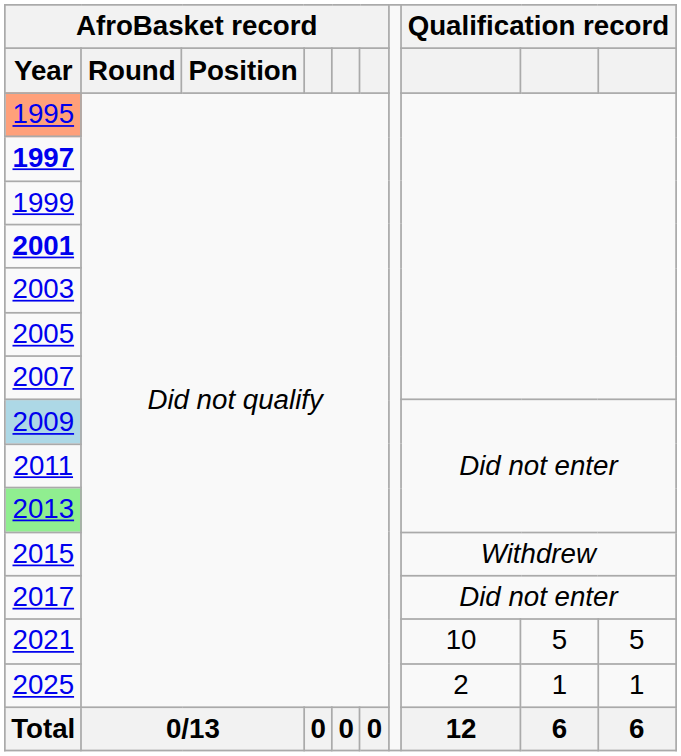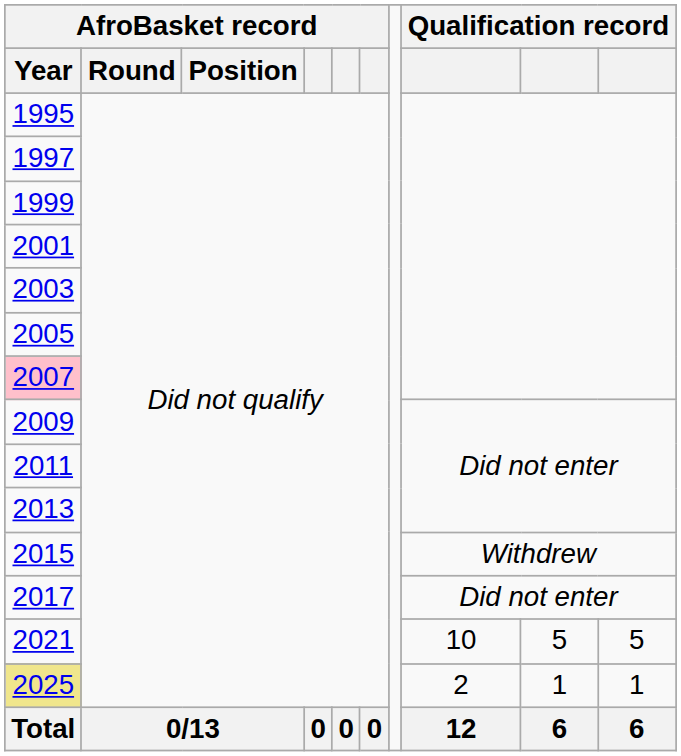 <table class="wikitable" style="text-align:center;">
 <tr>
 <th colspan="6">AfroBasket record</th>
 <td rowspan="17"></td>
 <th colspan="4">Qualification record</th>
 </tr>
 <tr>
 <th>Year</th>
 <th>Round</th>
 <th>Position</th>
 <th></th>
 <th></th>
 <th></th>
 <th></th>
 <th></th>
 <th></th>
 </tr>
 <tr>
-<td style="background: lightsalmon;"> <a href='#'>1995</a></td>
+<td> <a href='#'>1995</a></td>
 <td colspan="5" rowspan="14"><em>Did not qualify</em></td>
 <td colspan="3" rowspan="7"></td>
 </tr>
 <tr>
-<td><strong> <a href='#'>1997</a></strong></td>
+<td> <a href='#'>1997</a></td>
 </tr>
 <tr>
 <td> <a href='#'>1999</a></td>
 </tr>
 <tr>
-<td><strong> <a href='#'>2001</a></strong></td>
+<td> <a href='#'>2001</a></td>
 </tr>
 <tr>
 <td> <a href='#'>2003</a></td>
 </tr>
 <tr>
 <td> <a href='#'>2005</a></td>
 </tr>
 <tr>
-<td> <a href='#'>2007</a></td>
+<td style="background: pink;"> <a href='#'>2007</a></td>
 </tr>
 <tr>
-<td style="background: lightblue;"> <a href='#'>2009</a></td>
+<td> <a href='#'>2009</a></td>
 <td colspan="3" rowspan="3"><em>Did not enter</em></td>
 </tr>
 <tr>
 <td> <a href='#'>2011</a></td>
 </tr>
 <tr>
-<td style="background: lightgreen;"> <a href='#'>2013</a></td>
+<td> <a href='#'>2013</a></td>
 </tr>
 <tr>
 <td> <a href='#'>2015</a></td>
 <td colspan="3"><em>Withdrew</em></td>
 </tr>
 <tr>
 <td>  <a href='#'>2017</a></td>
 <td colspan="3"><em>Did not enter</em></td>
 </tr>
 <tr>
 <td> <a href='#'>2021</a></td>
 <td>10</td>
 <td>5</td>
 <td>5</td>
 </tr>
 <tr>
-<td> <a href='#'>2025</a></td>
+<td style="background: khaki;"> <a href='#'>2025</a></td>
 <td>2</td>
 <td>1</td>
 <td>1</td>
 </tr>
 <tr>
 <th>Total</th>
 <th colspan="2">0/13</th>
 <th>0</th>
 <th>0</th>
 <th>0</th>
 <th>12</th>
 <th>6</th>
 <th>6</th>
 </tr>
 </table>
